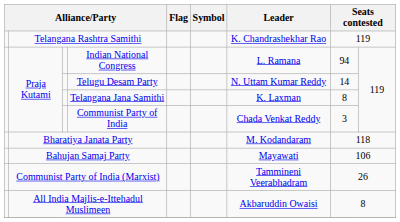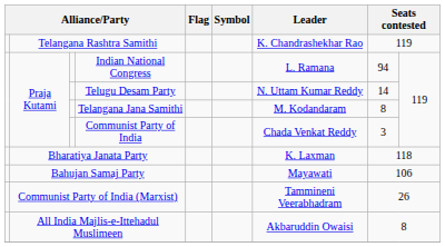 <table class="wikitable sortable" width="50%" style="text-align:center;">
 <tr>
 <th colspan=4>Alliance/Party</th>
 <th>Flag</th>
 <th>Symbol</th>
 <th>Leader</th>
 <th colspan=4>Seats contested</th>
 </tr>
 <tr>
 <td style="text-align:center; background:"></td>
 <td colspan=3><a href='#'>Telangana Rashtra Samithi</a></td>
 <td></td>
 <td></td>
 <td><a href='#'>K. Chandrashekhar Rao</a></td>
 <td colspan=3>119</td>
 </tr>
 <tr>
 <td rowspan=4 style="text-align:center; background:"></td>
 <td rowspan=4><a href='#'>Praja Kutami</a></td>
 <td style="text-align:center; background:"></td>
 <td><a href='#'>Indian National Congress</a></td>
 <td></td>
 <td></td>
 <td><a href='#'>L. Ramana</a></td>
 <td>94</td>
 <td rowspan=4>119</td>
 </tr>
 <tr>
 <td style="text-align:center; background:"></td>
 <td><a href='#'>Telugu Desam Party</a></td>
 <td></td>
 <td></td>
 <td><a href='#'>N. Uttam Kumar Reddy</a></td>
 <td>14</td>
 </tr>
 <tr>
 <td style="text-align:center; background:"></td>
 <td><a href='#'>Telangana Jana Samithi</a></td>
 <td></td>
 <td></td>
-<td><a href='#'>K. Laxman</a></td>
+<td><a href='#'>M. Kodandaram</a></td>
 <td>8</td>
 </tr>
 <tr>
 <td style="text-align:center; background:"></td>
 <td><a href='#'>Communist Party of India</a></td>
 <td></td>
 <td></td>
 <td><a href='#'>Chada Venkat Reddy</a></td>
 <td>3</td>
 </tr>
 <tr>
 <td style="text-align:center; background:"></td>
 <td colspan=3><a href='#'>Bharatiya Janata Party</a></td>
 <td></td>
 <td></td>
-<td><a href='#'>M. Kodandaram</a></td>
+<td><a href='#'>K. Laxman</a></td>
 <td colspan=3>118</td>
 </tr>
 <tr>
 <td style="text-align:center; background:"></td>
 <td colspan=3><a href='#'>Bahujan Samaj Party</a></td>
 <td></td>
 <td></td>
 <td><a href='#'>Mayawati</a></td>
 <td colspan=3>106</td>
 </tr>
 <tr>
 <td style="text-align:center; background:"></td>
 <td colspan=3><a href='#'>Communist Party of India (Marxist)</a></td>
 <td></td>
 <td></td>
 <td><a href='#'>Tammineni Veerabhadram</a></td>
 <td colspan=3>26</td>
 </tr>
 <tr>
 <td style="text-align:center; background:"></td>
 <td colspan=3><a href='#'>All India Majlis-e-Ittehadul Muslimeen</a></td>
 <td></td>
 <td></td>
 <td><a href='#'>Akbaruddin Owaisi</a></td>
 <td colspan=3>8</td>
 </tr>
 <tr>
 </tr>
 </table>
